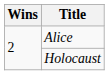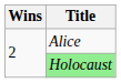 <table class="wikitable">
 <tr>
 <th>Wins</th>
 <th>Title</th>
 </tr>
 <tr>
 <td rowspan="2">2</td>
 <td><em>Alice</em></td>
 </tr>
 <tr>
-<td><em>Holocaust</em></td>
+<td style="background: lightgreen;"><em>Holocaust</em></td>
 </tr>
 </table>
